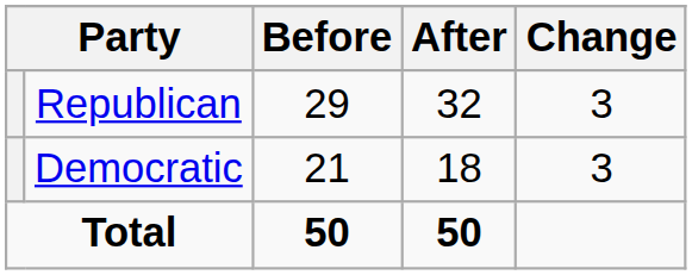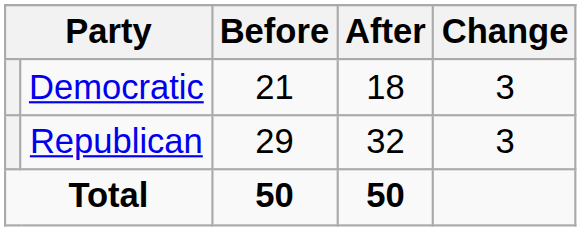 <table class="wikitable" style="text-align:center;">
 <tr>
 </tr>
 <tr>
 <th colspan=2>Party</th>
 <th>Before</th>
 <th>After</th>
 <th>Change</th>
 </tr>
 <tr>
 <th style="background-color:"></th>
-<td><a href='#'>Republican</a></td>
-<td>29</td>
-<td>32</td>
+<td><a href='#'>Democratic</a></td>
+<td>21</td>
+<td>18</td>
 <td> 3</td>
 </tr>
 <tr>
 <th style="background-color:"></th>
-<td><a href='#'>Democratic</a></td>
-<td>21</td>
-<td>18</td>
+<td><a href='#'>Republican</a></td>
+<td>29</td>
+<td>32</td>
 <td> 3</td>
 </tr>
 <tr>
 <td colspan=2><strong>Total</strong></td>
 <td><strong>50</strong></td>
 <td><strong>50</strong></td>
 <td></td>
 </tr>
 </table>
